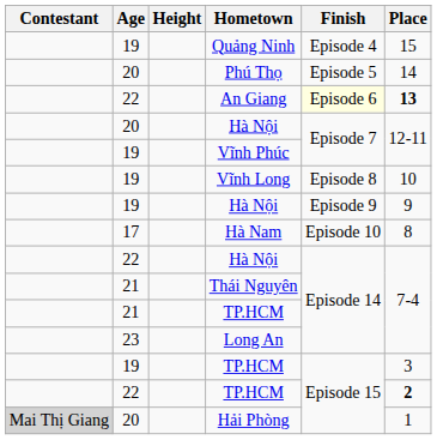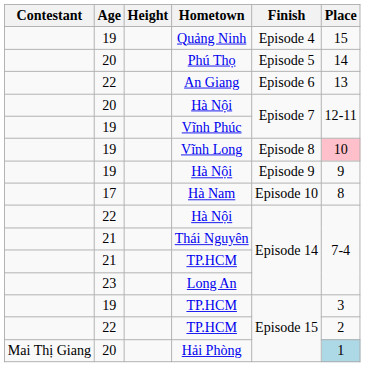 <table class="wikitable sortable" style="text-align:center;">
 <tr>
 <th>Contestant</th>
 <th>Age</th>
 <th>Height</th>
 <th>Hometown</th>
 <th>Finish</th>
 <th>Place</th>
 </tr>
 <tr>
 <td></td>
 <td>19</td>
 <td></td>
 <td><a href='#'>Quảng Ninh</a></td>
 <td>Episode 4</td>
 <td>15</td>
 </tr>
 <tr>
 <td></td>
 <td>20</td>
 <td></td>
 <td><a href='#'>Phú Thọ</a></td>
 <td>Episode 5</td>
 <td>14</td>
 </tr>
 <tr>
 <td></td>
 <td>22</td>
 <td></td>
 <td><a href='#'>An Giang</a></td>
-<td style="background: lightyellow;">Episode 6</td>
-<td><strong>13</strong></td>
+<td>Episode 6</td>
+<td>13</td>
 </tr>
 <tr>
 <td></td>
 <td>20</td>
 <td></td>
 <td><a href='#'>Hà Nội</a></td>
 <td rowspan="2">Episode 7</td>
 <td rowspan="2">12-11</td>
 </tr>
 <tr>
 <td></td>
 <td>19</td>
 <td></td>
 <td><a href='#'>Vĩnh Phúc</a></td>
 </tr>
 <tr>
 <td></td>
 <td>19</td>
 <td></td>
 <td><a href='#'>Vĩnh Long</a></td>
 <td>Episode 8</td>
-<td>10</td>
+<td style="background: pink;">10</td>
 </tr>
 <tr>
 <td></td>
 <td>19</td>
 <td></td>
 <td><a href='#'>Hà Nội</a></td>
 <td>Episode 9</td>
 <td>9</td>
 </tr>
 <tr>
 <td></td>
 <td>17</td>
 <td></td>
 <td><a href='#'>Hà Nam</a></td>
 <td>Episode 10</td>
 <td>8</td>
 </tr>
 <tr>
 <td></td>
 <td>22</td>
 <td></td>
 <td><a href='#'>Hà Nội</a></td>
 <td rowspan="4">Episode 14</td>
 <td rowspan="4">7-4</td>
 </tr>
 <tr>
 <td></td>
 <td>21</td>
 <td></td>
 <td><a href='#'>Thái Nguyên</a></td>
 </tr>
 <tr>
 <td></td>
 <td>21</td>
 <td></td>
 <td><a href='#'>TP.HCM</a></td>
 </tr>
 <tr>
 <td></td>
 <td>23</td>
 <td></td>
 <td><a href='#'>Long An</a></td>
 </tr>
 <tr>
 <td></td>
 <td>19</td>
 <td></td>
 <td><a href='#'>TP.HCM</a></td>
 <td rowspan="3">Episode 15</td>
 <td>3</td>
 </tr>
 <tr>
 <td></td>
 <td>22</td>
 <td></td>
 <td><a href='#'>TP.HCM</a></td>
-<td><strong>2</strong></td>
+<td>2</td>
 </tr>
 <tr>
-<td style="background: lightgrey;">Mai Thị Giang</td>
+<td>Mai Thị Giang</td>
 <td>20</td>
 <td></td>
 <td><a href='#'>Hải Phòng</a></td>
-<td>1</td>
+<td style="background: lightblue;">1</td>
 </tr>
 </table>
